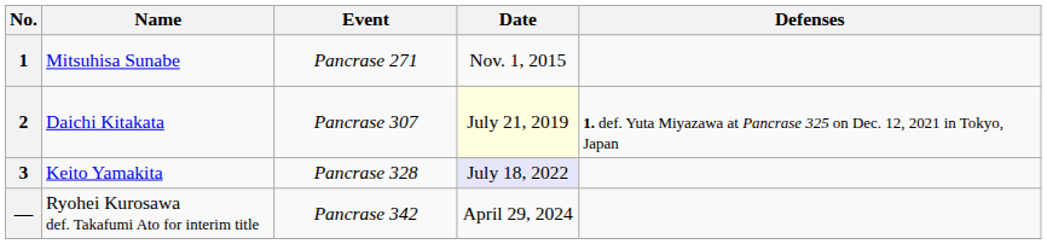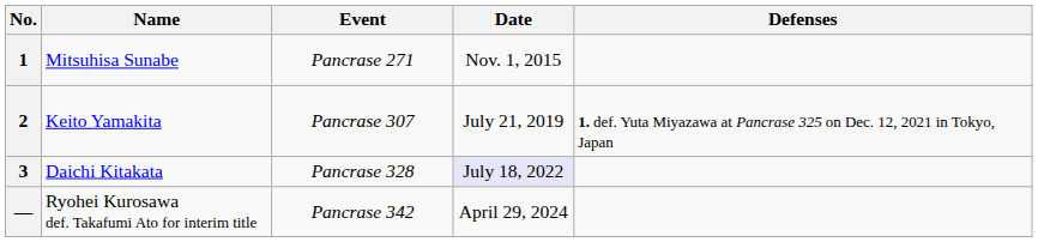 <table class="wikitable" width=100%>
 <tr>
 <th width=1%>No.</th>
 <th width=23%>Name</th>
 <th width=18%>Event</th>
 <th width=12%>Date</th>
 <th width=46%>Defenses</th>
 </tr>
 <tr>
 <th>1</th>
 <td align=left> <a href='#'>Mitsuhisa Sunabe</a><br></td>
 <td align=center><em>Pancrase 271</em><br></td>
 <td align=center>Nov. 1, 2015</td>
 <td><br><br> </td>
 </tr>
 <tr>
 <th>2</th>
-<td align=left> <a href='#'>Daichi Kitakata</a><br></td>
+<td align=left> <a href='#'>Keito Yamakita</a></td>
 <td align=center><em>Pancrase 307</em><br></td>
-<td align=center style="background: lightyellow;">July 21, 2019</td>
+<td align=center>July 21, 2019</td>
 <td><br><small> <strong>1.</strong> def. Yuta Miyazawa at <em>Pancrase 325</em> on Dec. 12, 2021 in Tokyo, Japan</small></td>
 </tr>
 <tr>
 <th>3</th>
-<td align=left> <a href='#'>Keito Yamakita</a></td>
+<td align=left> <a href='#'>Daichi Kitakata</a><br></td>
 <td align=center><em>Pancrase 328</em><br></td>
 <td align=center style="background: lavender;">July 18, 2022</td>
 <td></td>
 </tr>
 <tr>
 <th>—</th>
 <td align=left> Ryohei Kurosawa<br><small>def. Takafumi Ato for interim title</small></td>
 <td align=center><em>Pancrase 342</em><br></td>
 <td align=center>April 29, 2024</td>
 <td></td>
 </tr>
 <tr>
 </tr>
 </table>
